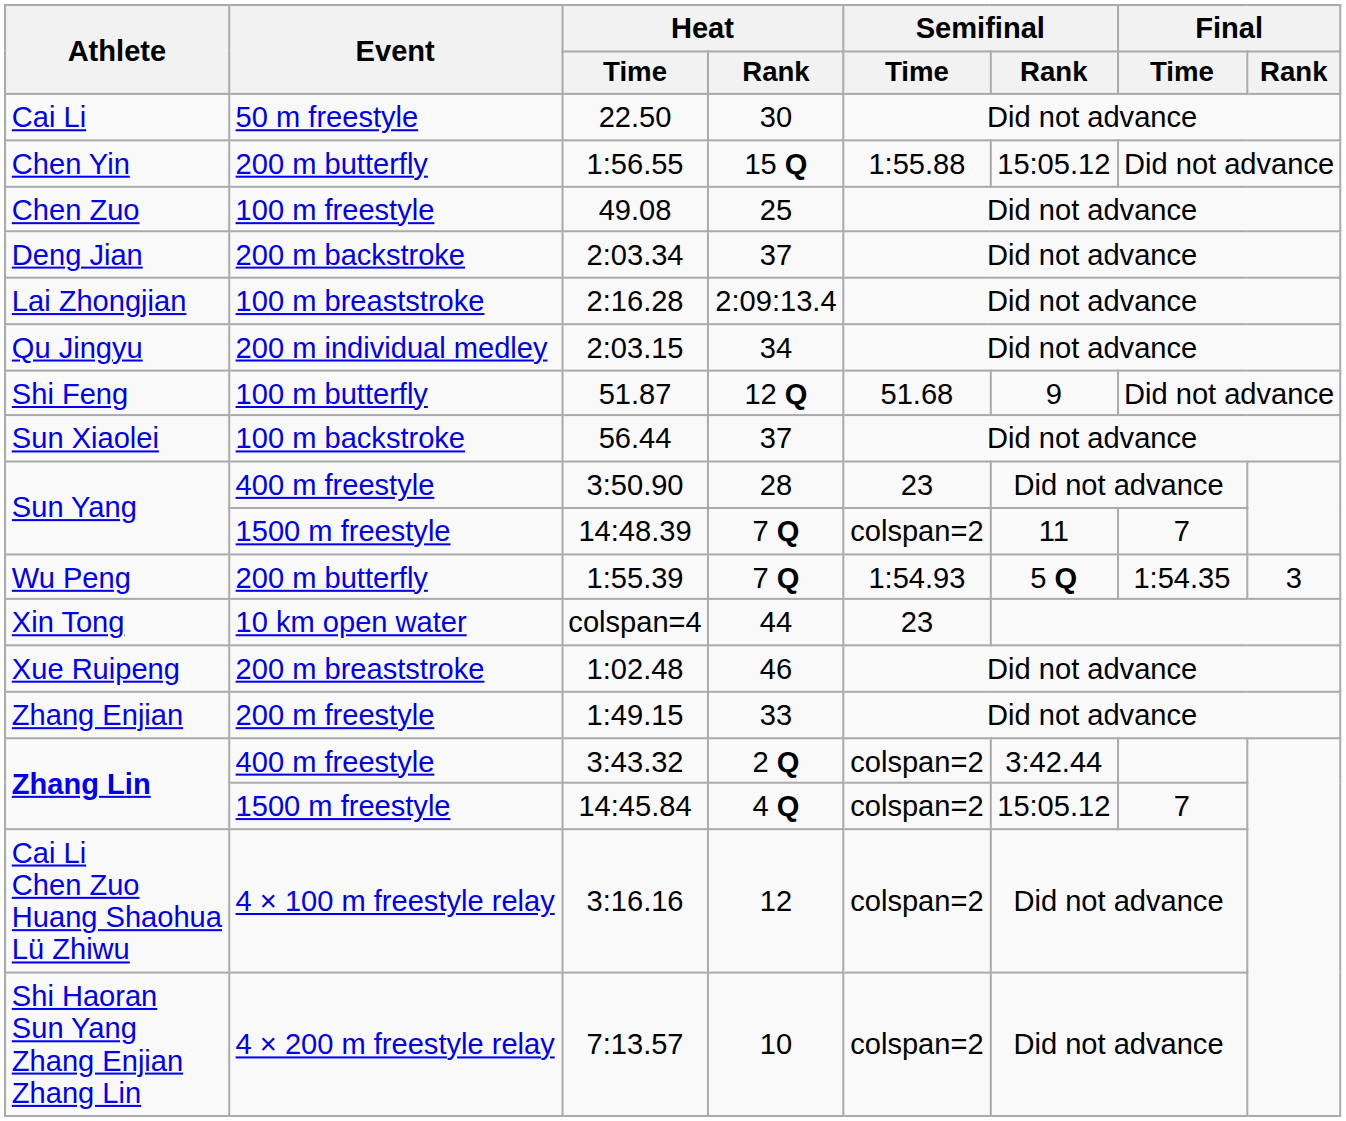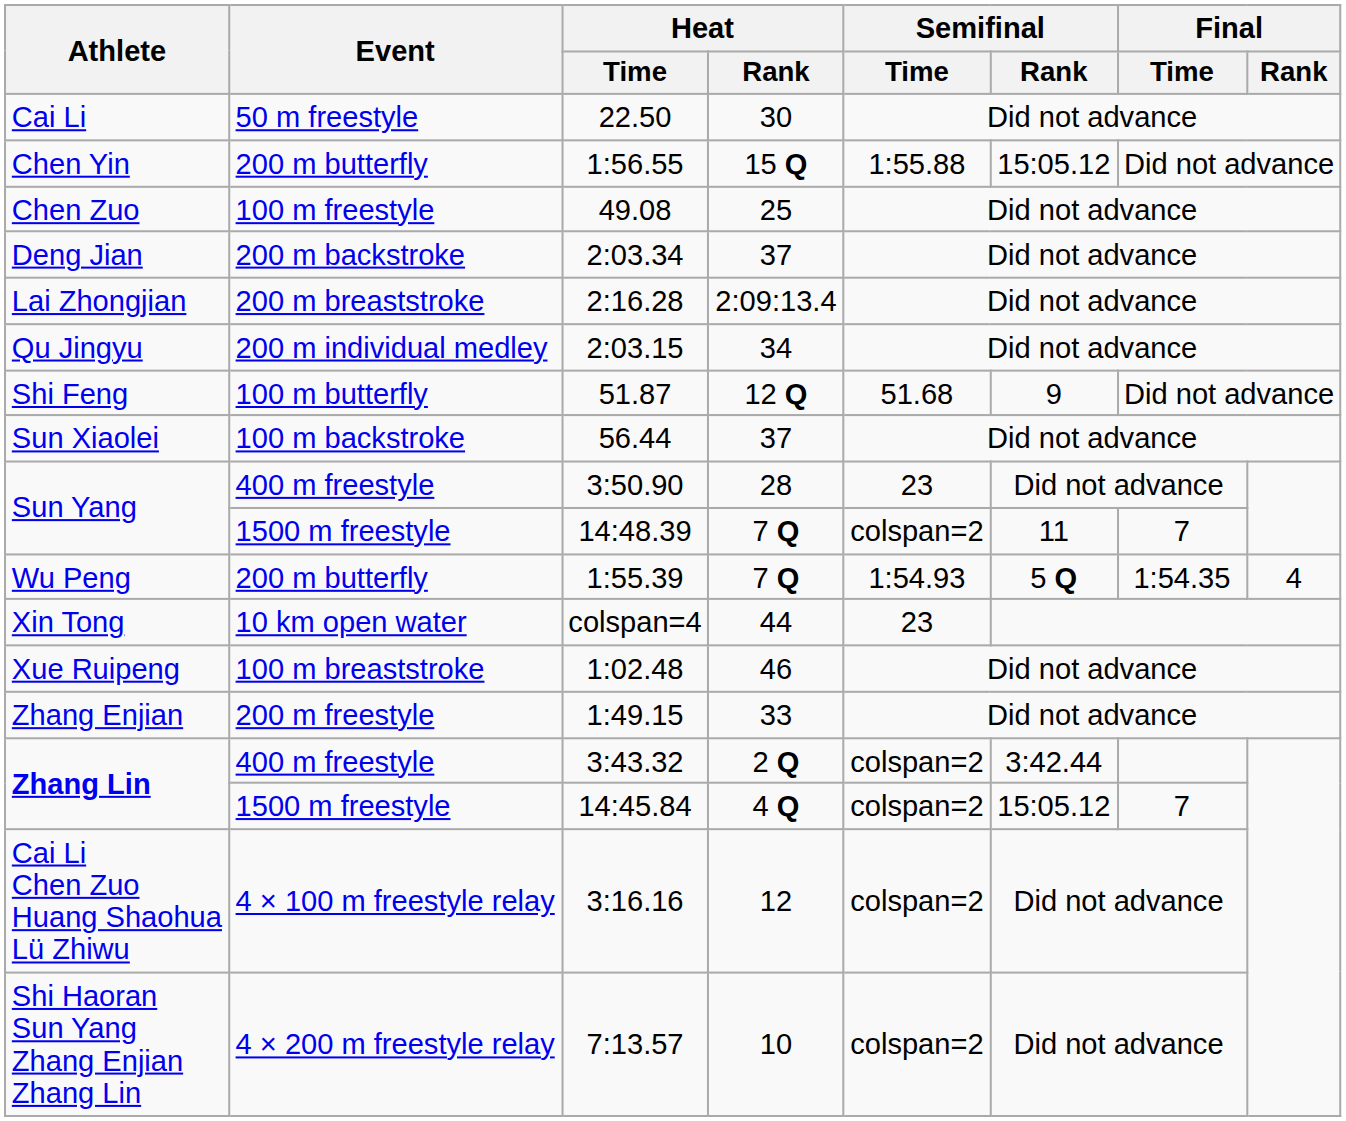 <table class=wikitable style="font-size:90%">
 <tr>
 <th rowspan="2">Athlete</th>
 <th rowspan="2">Event</th>
 <th colspan="2">Heat</th>
 <th colspan="2">Semifinal</th>
 <th colspan="2">Final</th>
 </tr>
 <tr style="font-size:95%">
 <th>Time</th>
 <th>Rank</th>
 <th>Time</th>
 <th>Rank</th>
 <th>Time</th>
 <th>Rank</th>
 </tr>
 <tr align=center>
 <td align=left><a href='#'>Cai Li</a></td>
 <td align=left><a href='#'>50 m freestyle</a></td>
 <td>22.50</td>
 <td>30</td>
 <td colspan=4>Did not advance</td>
 </tr>
 <tr align=center>
 <td align=left><a href='#'>Chen Yin</a></td>
 <td align=left><a href='#'>200 m butterfly</a></td>
 <td>1:56.55</td>
 <td>15 <strong>Q</strong></td>
 <td>1:55.88</td>
 <td>15:05.12</td>
 <td colspan=2>Did not advance</td>
 </tr>
 <tr align=center>
 <td align=left><a href='#'>Chen Zuo</a></td>
 <td align=left><a href='#'>100 m freestyle</a></td>
 <td>49.08</td>
 <td>25</td>
 <td colspan=4>Did not advance</td>
 </tr>
 <tr align=center>
 <td align=left><a href='#'>Deng Jian</a></td>
 <td align=left><a href='#'>200 m backstroke</a></td>
 <td>2:03.34</td>
 <td>37</td>
 <td colspan=4>Did not advance</td>
 </tr>
 <tr align=center>
 <td align=left><a href='#'>Lai Zhongjian</a></td>
-<td align=left><a href='#'>100 m breaststroke</a></td>
+<td align=left><a href='#'>200 m breaststroke</a></td>
 <td>2:16.28</td>
 <td>2:09:13.4</td>
 <td colspan=4>Did not advance</td>
 </tr>
 <tr align=center>
 <td align=left><a href='#'>Qu Jingyu</a></td>
 <td align=left><a href='#'>200 m individual medley</a></td>
 <td>2:03.15</td>
 <td>34</td>
 <td colspan=4>Did not advance</td>
 </tr>
 <tr align=center>
 <td align=left><a href='#'>Shi Feng</a></td>
 <td align=left><a href='#'>100 m butterfly</a></td>
 <td>51.87</td>
 <td>12 <strong>Q</strong></td>
 <td>51.68</td>
 <td>9</td>
 <td colspan=2>Did not advance</td>
 </tr>
 <tr align=center>
 <td align=left><a href='#'>Sun Xiaolei</a></td>
 <td align=left><a href='#'>100 m backstroke</a></td>
 <td>56.44</td>
 <td>37</td>
 <td colspan=4>Did not advance</td>
 </tr>
 <tr align=center>
 <td align=left rowspan=2><a href='#'>Sun Yang</a></td>
 <td align=left><a href='#'>400 m freestyle</a></td>
 <td>3:50.90</td>
 <td>28</td>
 <td>23</td>
 <td colspan=2>Did not advance</td>
 </tr>
 <tr align=center>
 <td align=left><a href='#'>1500 m freestyle</a></td>
 <td>14:48.39</td>
 <td>7 <strong>Q</strong></td>
 <td>colspan=2 </td>
 <td>11</td>
 <td>7</td>
 </tr>
 <tr align=center>
 <td align=left><a href='#'>Wu Peng</a></td>
 <td align=left><a href='#'>200 m butterfly</a></td>
 <td>1:55.39</td>
 <td>7 <strong>Q</strong></td>
 <td>1:54.93</td>
 <td>5 <strong>Q</strong></td>
 <td>1:54.35</td>
-<td>3</td>
+<td>4</td>
 </tr>
 <tr align=center>
 <td align=left><a href='#'>Xin Tong</a></td>
 <td align=left><a href='#'>10 km open water</a></td>
 <td>colspan=4 </td>
 <td>44</td>
 <td>23</td>
 </tr>
 <tr align=center>
 <td align=left><a href='#'>Xue Ruipeng</a></td>
-<td align=left><a href='#'>200 m breaststroke</a></td>
+<td align=left><a href='#'>100 m breaststroke</a></td>
 <td>1:02.48</td>
 <td>46</td>
 <td colspan=4>Did not advance</td>
 </tr>
 <tr align=center>
 <td align=left><a href='#'>Zhang Enjian</a></td>
 <td align=left><a href='#'>200 m freestyle</a></td>
 <td>1:49.15</td>
 <td>33</td>
 <td colspan=4>Did not advance</td>
 </tr>
 <tr align=center>
 <td align=left rowspan=2><strong><a href='#'>Zhang Lin</a></strong></td>
 <td align=left><a href='#'>400 m freestyle</a></td>
 <td>3:43.32</td>
 <td>2 <strong>Q</strong></td>
 <td>colspan=2 </td>
 <td>3:42.44</td>
 <td></td>
 </tr>
 <tr align=center>
 <td align=left><a href='#'>1500 m freestyle</a></td>
 <td>14:45.84</td>
 <td>4 <strong>Q</strong></td>
 <td>colspan=2 </td>
 <td>15:05.12</td>
 <td>7</td>
 </tr>
 <tr align=center>
 <td align=left><a href='#'>Cai Li</a><br><a href='#'>Chen Zuo</a><br><a href='#'>Huang Shaohua</a><br><a href='#'>Lü Zhiwu</a></td>
 <td align=left><a href='#'>4 × 100 m freestyle relay</a></td>
 <td>3:16.16</td>
 <td>12</td>
 <td>colspan=2 </td>
 <td colspan=2>Did not advance</td>
 </tr>
 <tr align=center>
 <td align=left><a href='#'>Shi Haoran</a><br><a href='#'>Sun Yang</a><br><a href='#'>Zhang Enjian</a><br><a href='#'>Zhang Lin</a></td>
 <td align=left><a href='#'>4 × 200 m freestyle relay</a></td>
 <td>7:13.57</td>
 <td>10</td>
 <td>colspan=2 </td>
 <td colspan=2>Did not advance</td>
 </tr>
 </table>
